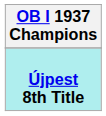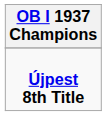 <table class="wikitable" style="text-align: center; margin: 0 auto;">
 <tr>
 <th><a href='#'>OB I</a> 1937<br>Champions</th>
 </tr>
 <tr>
 </tr>
 <tr>
-<td style="background: paleturquoise;"> <br><strong><a href='#'>Újpest</a></strong><br><strong>8th Title</strong></td>
+<td> <br><strong><a href='#'>Újpest</a></strong><br><strong>8th Title</strong></td>
 </tr>
 </table>
